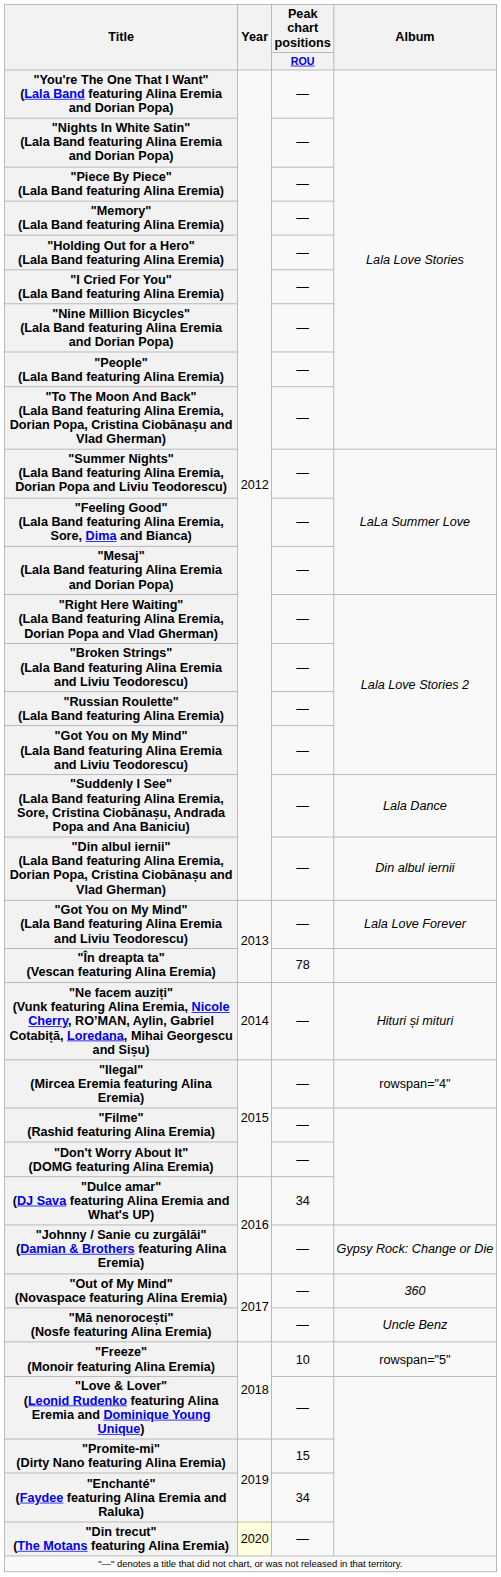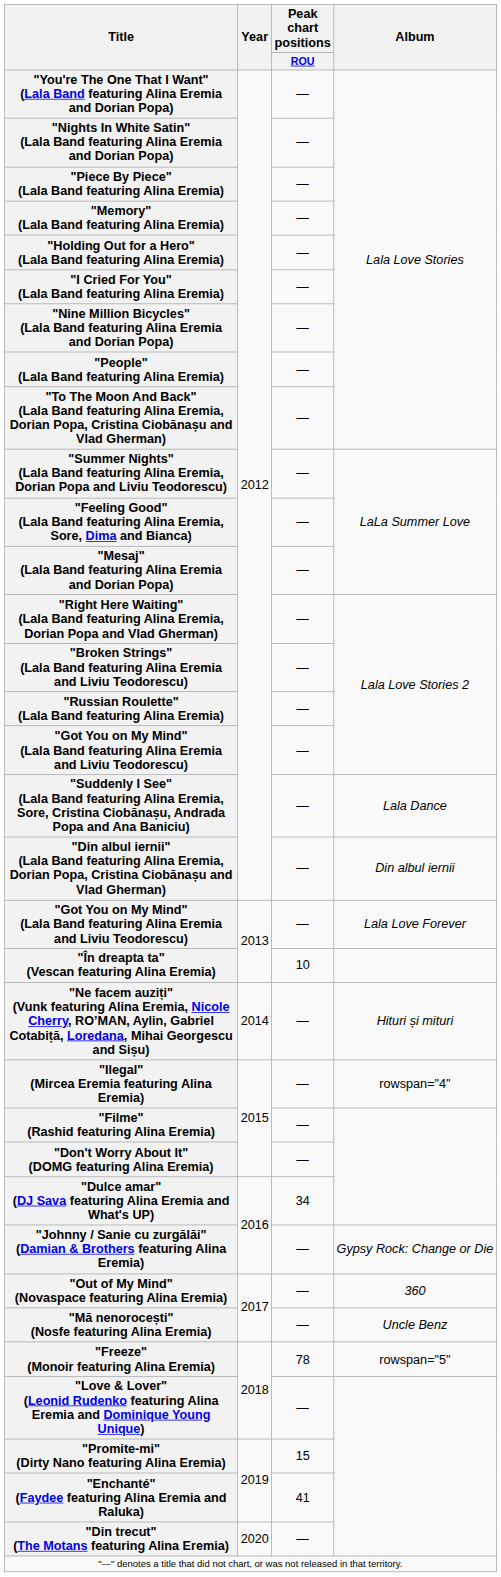 <table class="wikitable plainrowheaders" style="text-align:center;">
 <tr>
 <th scope="col" rowspan="2" style="width:18em;">Title</th>
 <th scope="col" rowspan="2" style="width:1em;">Year</th>
 <th scope="col" colspan="1">Peak chart positions</th>
 <th scope="col" rowspan="2">Album</th>
 </tr>
 <tr>
 <th style="width:3em;font-size:85%"><a href='#'>ROU</a><br></th>
 </tr>
 <tr>
 <th scope="row">"You're The One That I Want"<br><span>(<a href='#'>Lala Band</a> featuring Alina Eremia and Dorian Popa)</span></th>
 <td rowspan="18">2012</td>
 <td>—</td>
 <td rowspan="9"><em>Lala Love Stories</em></td>
 </tr>
 <tr>
 <th scope="row">"Nights In White Satin"<br><span>(Lala Band featuring Alina Eremia and Dorian Popa)</span></th>
 <td>—</td>
 </tr>
 <tr>
 <th scope="row">"Piece By Piece"<br><span>(Lala Band featuring Alina Eremia)</span></th>
 <td>—</td>
 </tr>
 <tr>
 <th scope="row">"Memory"<br><span>(Lala Band featuring Alina Eremia)</span></th>
 <td>—</td>
 </tr>
 <tr>
 <th scope="row">"Holding Out for a Hero"<br><span>(Lala Band featuring Alina Eremia)</span></th>
 <td>—</td>
 </tr>
 <tr>
 <th scope="row">"I Cried For You"<br><span>(Lala Band featuring Alina Eremia)</span></th>
 <td>—</td>
 </tr>
 <tr>
 <th scope="row">"Nine Million Bicycles"<br><span>(Lala Band featuring Alina Eremia and Dorian Popa)</span></th>
 <td>—</td>
 </tr>
 <tr>
 <th scope="row">"People"<br><span>(Lala Band featuring Alina Eremia)</span></th>
 <td>—</td>
 </tr>
 <tr>
 <th scope="row">"To The Moon And Back"<br><span>(Lala Band featuring Alina Eremia, Dorian Popa, Cristina Ciobănașu and Vlad Gherman)</span></th>
 <td>—</td>
 </tr>
 <tr>
 <th scope="row">"Summer Nights"<br><span>(Lala Band featuring Alina Eremia, Dorian Popa and Liviu Teodorescu)</span></th>
 <td>—</td>
 <td rowspan="3"><em>LaLa Summer Love</em></td>
 </tr>
 <tr>
 <th scope="row">"Feeling Good"<br><span>(Lala Band featuring Alina Eremia, Sore, <a href='#'>Dima</a> and Bianca)</span></th>
 <td>—</td>
 </tr>
 <tr>
 <th scope="row">"Mesaj"<br><span>(Lala Band featuring Alina Eremia and Dorian Popa)</span></th>
 <td>—</td>
 </tr>
 <tr>
 <th scope="row">"Right Here Waiting"<br><span>(Lala Band featuring Alina Eremia, Dorian Popa and Vlad Gherman)</span></th>
 <td>—</td>
 <td rowspan="4"><em>Lala Love Stories 2</em></td>
 </tr>
 <tr>
 <th scope="row">"Broken Strings"<br><span>(Lala Band featuring Alina Eremia and Liviu Teodorescu)</span></th>
 <td>—</td>
 </tr>
 <tr>
 <th scope="row">"Russian Roulette"<br><span>(Lala Band featuring Alina Eremia)</span></th>
 <td>—</td>
 </tr>
 <tr>
 <th scope="row">"Got You on My Mind"<br><span>(Lala Band featuring Alina Eremia and Liviu Teodorescu)</span></th>
 <td>—</td>
 </tr>
 <tr>
 <th scope="row">"Suddenly I See"<br><span>(Lala Band featuring Alina Eremia, Sore, Cristina Ciobănașu, Andrada Popa and Ana Baniciu)</span></th>
 <td>—</td>
 <td><em>Lala Dance</em></td>
 </tr>
 <tr>
 <th scope="row">"Din albul iernii"<br><span>(Lala Band featuring Alina Eremia, Dorian Popa, Cristina Ciobănașu and Vlad Gherman)</span></th>
 <td>—</td>
 <td><em>Din albul iernii</em></td>
 </tr>
 <tr>
 <th scope="row">"Got You on My Mind"<br><span>(Lala Band featuring Alina Eremia and Liviu Teodorescu)</span></th>
 <td rowspan="2">2013</td>
 <td>—</td>
 <td><em>Lala Love Forever</em></td>
 </tr>
 <tr>
 <th scope="row">"În dreapta ta"<br><span>(Vescan featuring Alina Eremia)</span></th>
-<td>78</td>
+<td>10</td>
 <td></td>
 </tr>
 <tr>
 <th scope="row">"Ne facem auziți"<br><span>(Vunk featuring Alina Eremia, <a href='#'>Nicole Cherry</a>, RO’MAN, Aylin, Gabriel Cotabiță, <a href='#'>Loredana</a>, Mihai Georgescu and Sișu)</span></th>
 <td>2014</td>
 <td>—</td>
 <td><em>Hituri și mituri</em></td>
 </tr>
 <tr>
 <th scope="row">"Ilegal"<br><span>(Mircea Eremia featuring Alina Eremia)</span></th>
 <td rowspan="3">2015</td>
 <td>—</td>
 <td>rowspan="4" </td>
 </tr>
 <tr>
 <th scope="row">"Filme"<br><span>(Rashid featuring Alina Eremia)</span></th>
 <td>—</td>
 </tr>
 <tr>
 <th scope="row">"Don't Worry About It"<br><span>(DOMG featuring Alina Eremia)</span></th>
 <td>—</td>
 </tr>
 <tr>
 <th scope="row">"Dulce amar"<br><span>(<a href='#'>DJ Sava</a> featuring Alina Eremia and What's UP)</span></th>
 <td rowspan="2">2016</td>
 <td>34</td>
 </tr>
 <tr>
 <th scope="row">"Johnny / Sanie cu zurgălăi"<br><span>(<a href='#'>Damian & Brothers</a> featuring Alina Eremia)</span></th>
 <td>—</td>
 <td><em>Gypsy Rock: Change or Die</em></td>
 </tr>
 <tr>
 <th scope="row">"Out of My Mind"<br><span>(Novaspace featuring Alina Eremia)</span></th>
 <td rowspan="2">2017</td>
 <td>—</td>
 <td><em>360</em></td>
 </tr>
 <tr>
 <th scope="row">"Mă nenorocești"<br><span>(Nosfe featuring Alina Eremia)</span></th>
 <td>—</td>
 <td><em>Uncle Benz</em></td>
 </tr>
 <tr>
 <th scope="row">"Freeze"<br><span>(Monoir featuring Alina Eremia)</span></th>
 <td rowspan="2">2018</td>
-<td>10</td>
+<td>78</td>
 <td>rowspan="5" </td>
 </tr>
 <tr>
 <th scope="row">"Love & Lover"<br><span>(<a href='#'>Leonid Rudenko</a> featuring Alina Eremia and <a href='#'>Dominique Young Unique</a>)</span></th>
 <td>—</td>
 </tr>
 <tr>
 <th scope="row">"Promite-mi"<br><span>(Dirty Nano featuring Alina Eremia)</span></th>
 <td rowspan="2">2019</td>
 <td>15</td>
 </tr>
 <tr>
 <th scope="row">"Enchanté"<br><span>(<a href='#'>Faydee</a> featuring Alina Eremia and Raluka)</span></th>
-<td>34</td>
+<td>41</td>
 </tr>
 <tr>
 <th scope="row">"Din trecut"<br><span>(<a href='#'>The Motans</a> featuring Alina Eremia)</span></th>
-<td style="background: lightyellow;">2020</td>
+<td>2020</td>
 <td>—</td>
 </tr>
 <tr>
 <td colspan="6" style="font-size:9pt">"—" denotes a title that did not chart, or was not released in that territory.</td>
 </tr>
 </table>
